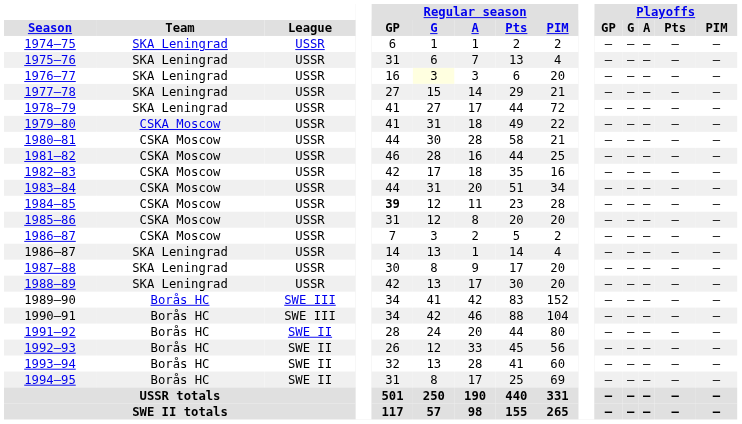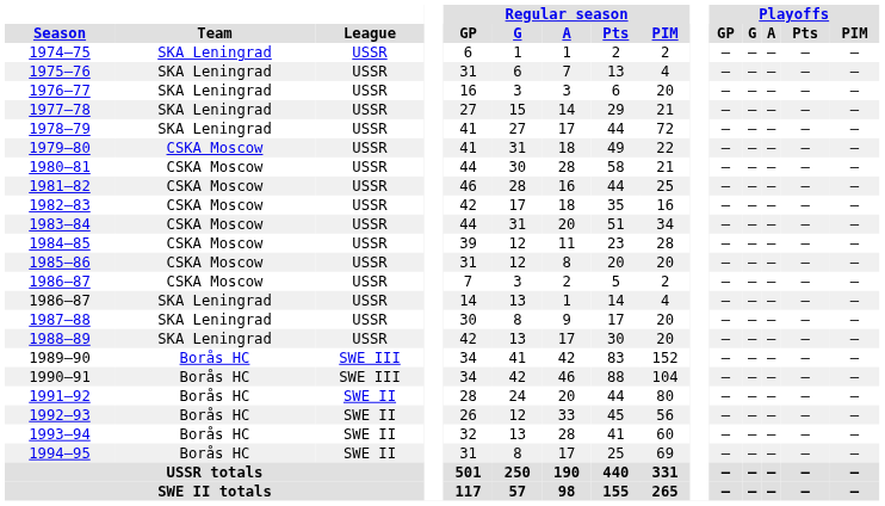 <table border="0" cellpadding="1" cellspacing="0" style="text-align:center; width:60em">
 <tr bgcolor="#e0e0e0">
 <th colspan="3" bgcolor="#ffffff"> </th>
 <th rowspan="99" bgcolor="#ffffff"> </th>
 <th colspan="5"><a href='#'>Regular season</a></th>
 <th rowspan="99" bgcolor="#ffffff"> </th>
 <th colspan="5"><a href='#'>Playoffs</a></th>
 </tr>
 <tr bgcolor="#e0e0e0">
 <th><a href='#'>Season</a></th>
 <th>Team</th>
 <th>League</th>
 <th>GP</th>
 <th><a href='#'>G</a></th>
 <th><a href='#'>A</a></th>
 <th><a href='#'>Pts</a></th>
 <th><a href='#'>PIM</a></th>
 <th>GP</th>
 <th>G</th>
 <th>A</th>
 <th>Pts</th>
 <th>PIM</th>
 </tr>
 <tr>
 <td><a href='#'>1974–75</a></td>
 <td><a href='#'>SKA Leningrad</a></td>
 <td><a href='#'>USSR</a></td>
 <td>6</td>
 <td>1</td>
 <td>1</td>
 <td>2</td>
 <td>2</td>
 <td>—</td>
 <td>—</td>
 <td>—</td>
 <td>—</td>
 <td>—</td>
 </tr>
 <tr bgcolor="#f0f0f0">
 <td><a href='#'>1975–76</a></td>
 <td>SKA Leningrad</td>
 <td>USSR</td>
 <td>31</td>
 <td>6</td>
 <td>7</td>
 <td>13</td>
 <td>4</td>
 <td>—</td>
 <td>—</td>
 <td>—</td>
 <td>—</td>
 <td>—</td>
 </tr>
 <tr>
 <td><a href='#'>1976–77</a></td>
 <td>SKA Leningrad</td>
 <td>USSR</td>
 <td>16</td>
-<td style="background: lightyellow;">3</td>
+<td>3</td>
 <td>3</td>
 <td>6</td>
 <td>20</td>
 <td>—</td>
 <td>—</td>
 <td>—</td>
 <td>—</td>
 <td>—</td>
 </tr>
 <tr bgcolor="#f0f0f0">
 <td><a href='#'>1977–78</a></td>
 <td>SKA Leningrad</td>
 <td>USSR</td>
 <td>27</td>
 <td>15</td>
 <td>14</td>
 <td>29</td>
 <td>21</td>
 <td>—</td>
 <td>—</td>
 <td>—</td>
 <td>—</td>
 <td>—</td>
 </tr>
 <tr>
 <td><a href='#'>1978–79</a></td>
 <td>SKA Leningrad</td>
 <td>USSR</td>
 <td>41</td>
 <td>27</td>
 <td>17</td>
 <td>44</td>
 <td>72</td>
 <td>—</td>
 <td>—</td>
 <td>—</td>
 <td>—</td>
 <td>—</td>
 </tr>
 <tr bgcolor="#f0f0f0">
 <td><a href='#'>1979–80</a></td>
 <td><a href='#'>CSKA Moscow</a></td>
 <td>USSR</td>
 <td>41</td>
 <td>31</td>
 <td>18</td>
 <td>49</td>
 <td>22</td>
 <td>—</td>
 <td>—</td>
 <td>—</td>
 <td>—</td>
 <td>—</td>
 </tr>
 <tr>
 <td><a href='#'>1980–81</a></td>
 <td>CSKA Moscow</td>
 <td>USSR</td>
 <td>44</td>
 <td>30</td>
 <td>28</td>
 <td>58</td>
 <td>21</td>
 <td>—</td>
 <td>—</td>
 <td>—</td>
 <td>—</td>
 <td>—</td>
 </tr>
 <tr bgcolor="#f0f0f0">
 <td><a href='#'>1981–82</a></td>
 <td>CSKA Moscow</td>
 <td>USSR</td>
 <td>46</td>
 <td>28</td>
 <td>16</td>
 <td>44</td>
 <td>25</td>
 <td>—</td>
 <td>—</td>
 <td>—</td>
 <td>—</td>
 <td>—</td>
 </tr>
 <tr>
 <td><a href='#'>1982–83</a></td>
 <td>CSKA Moscow</td>
 <td>USSR</td>
 <td>42</td>
 <td>17</td>
 <td>18</td>
 <td>35</td>
 <td>16</td>
 <td>—</td>
 <td>—</td>
 <td>—</td>
 <td>—</td>
 <td>—</td>
 </tr>
 <tr bgcolor="#f0f0f0">
 <td><a href='#'>1983–84</a></td>
 <td>CSKA Moscow</td>
 <td>USSR</td>
 <td>44</td>
 <td>31</td>
 <td>20</td>
 <td>51</td>
 <td>34</td>
 <td>—</td>
 <td>—</td>
 <td>—</td>
 <td>—</td>
 <td>—</td>
 </tr>
 <tr>
 <td><a href='#'>1984–85</a></td>
 <td>CSKA Moscow</td>
 <td>USSR</td>
-<td><strong>39</strong></td>
+<td>39</td>
 <td>12</td>
 <td>11</td>
 <td>23</td>
 <td>28</td>
 <td>—</td>
 <td>—</td>
 <td>—</td>
 <td>—</td>
 <td>—</td>
 </tr>
 <tr bgcolor="#f0f0f0">
 <td><a href='#'>1985–86</a></td>
 <td>CSKA Moscow</td>
 <td>USSR</td>
 <td>31</td>
 <td>12</td>
 <td>8</td>
 <td>20</td>
 <td>20</td>
 <td>—</td>
 <td>—</td>
 <td>—</td>
 <td>—</td>
 <td>—</td>
 </tr>
 <tr>
 <td><a href='#'>1986–87</a></td>
 <td>CSKA Moscow</td>
 <td>USSR</td>
 <td>7</td>
 <td>3</td>
 <td>2</td>
 <td>5</td>
 <td>2</td>
 <td>—</td>
 <td>—</td>
 <td>—</td>
 <td>—</td>
 <td>—</td>
 </tr>
 <tr bgcolor="#f0f0f0">
 <td>1986–87</td>
 <td>SKA Leningrad</td>
 <td>USSR</td>
 <td>14</td>
 <td>13</td>
 <td>1</td>
 <td>14</td>
 <td>4</td>
 <td>—</td>
 <td>—</td>
 <td>—</td>
 <td>—</td>
 <td>—</td>
 </tr>
 <tr>
 <td><a href='#'>1987–88</a></td>
 <td>SKA Leningrad</td>
 <td>USSR</td>
 <td>30</td>
 <td>8</td>
 <td>9</td>
 <td>17</td>
 <td>20</td>
 <td>—</td>
 <td>—</td>
 <td>—</td>
 <td>—</td>
 <td>—</td>
 </tr>
 <tr bgcolor="#f0f0f0">
 <td><a href='#'>1988–89</a></td>
 <td>SKA Leningrad</td>
 <td>USSR</td>
 <td>42</td>
 <td>13</td>
 <td>17</td>
 <td>30</td>
 <td>20</td>
 <td>—</td>
 <td>—</td>
 <td>—</td>
 <td>—</td>
 <td>—</td>
 </tr>
 <tr>
 <td>1989–90</td>
 <td><a href='#'>Borås HC</a></td>
 <td><a href='#'>SWE III</a></td>
 <td>34</td>
 <td>41</td>
 <td>42</td>
 <td>83</td>
 <td>152</td>
 <td>—</td>
 <td>—</td>
 <td>—</td>
 <td>—</td>
 <td>—</td>
 </tr>
 <tr bgcolor="#f0f0f0">
 <td>1990–91</td>
 <td>Borås HC</td>
 <td>SWE III</td>
 <td>34</td>
 <td>42</td>
 <td>46</td>
 <td>88</td>
 <td>104</td>
 <td>—</td>
 <td>—</td>
 <td>—</td>
 <td>—</td>
 <td>—</td>
 </tr>
 <tr>
 <td><a href='#'>1991–92</a></td>
 <td>Borås HC</td>
 <td><a href='#'>SWE II</a></td>
 <td>28</td>
 <td>24</td>
 <td>20</td>
 <td>44</td>
 <td>80</td>
 <td>—</td>
 <td>—</td>
 <td>—</td>
 <td>—</td>
 <td>—</td>
 </tr>
 <tr bgcolor="#f0f0f0">
 <td><a href='#'>1992–93</a></td>
 <td>Borås HC</td>
 <td>SWE II</td>
 <td>26</td>
 <td>12</td>
 <td>33</td>
 <td>45</td>
 <td>56</td>
 <td>—</td>
 <td>—</td>
 <td>—</td>
 <td>—</td>
 <td>—</td>
 </tr>
 <tr>
 <td><a href='#'>1993–94</a></td>
 <td>Borås HC</td>
 <td>SWE II</td>
 <td>32</td>
 <td>13</td>
 <td>28</td>
 <td>41</td>
 <td>60</td>
 <td>—</td>
 <td>—</td>
 <td>—</td>
 <td>—</td>
 <td>—</td>
 </tr>
 <tr bgcolor="#f0f0f0">
 <td><a href='#'>1994–95</a></td>
 <td>Borås HC</td>
 <td>SWE II</td>
 <td>31</td>
 <td>8</td>
 <td>17</td>
 <td>25</td>
 <td>69</td>
 <td>—</td>
 <td>—</td>
 <td>—</td>
 <td>—</td>
 <td>—</td>
 </tr>
 <tr bgcolor="#e0e0e0">
 <th colspan="3">USSR totals</th>
 <th>501</th>
 <th>250</th>
 <th>190</th>
 <th>440</th>
 <th>331</th>
 <th>—</th>
 <th>—</th>
 <th>—</th>
 <th>—</th>
 <th>—</th>
 </tr>
 <tr bgcolor="#e0e0e0">
 <th colspan="3">SWE II totals</th>
 <th>117</th>
 <th>57</th>
 <th>98</th>
 <th>155</th>
 <th>265</th>
 <th>—</th>
 <th>—</th>
 <th>—</th>
 <th>—</th>
 <th>—</th>
 </tr>
 </table>
